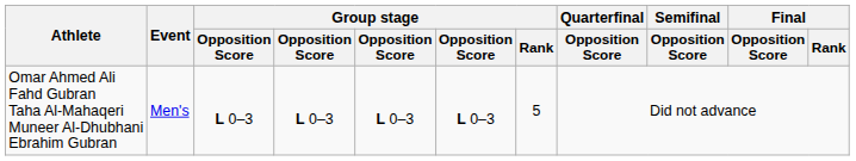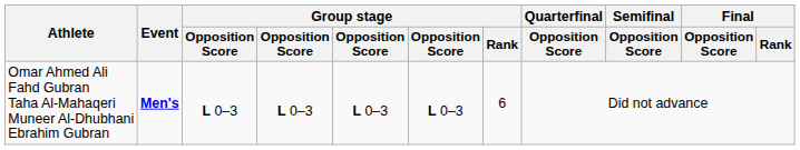 <table class=wikitable style=font-size:90%;text-align:center>
 <tr>
 <th rowspan="2">Athlete</th>
 <th rowspan="2">Event</th>
 <th colspan="5">Group stage</th>
 <th>Quarterfinal</th>
 <th>Semifinal</th>
 <th colspan="2">Final</th>
 </tr>
 <tr style="font-size:95%">
 <th>Opposition<br>Score</th>
 <th>Opposition<br>Score</th>
 <th>Opposition<br>Score</th>
 <th>Opposition<br>Score</th>
 <th>Rank</th>
 <th>Opposition<br>Score</th>
 <th>Opposition<br>Score</th>
 <th>Opposition<br>Score</th>
 <th>Rank</th>
 </tr>
 <tr>
 <td align=left>Omar Ahmed Ali<br>Fahd Gubran<br>Taha Al-Mahaqeri<br>Muneer Al-Dhubhani<br>Ebrahim Gubran</td>
-<td align=left><a href='#'>Men's</a></td>
+<td align=left><strong><a href='#'>Men's</a></strong></td>
 <td><br><strong>L</strong> 0–3</td>
 <td><br><strong>L</strong> 0–3</td>
 <td><br><strong>L</strong> 0–3</td>
 <td><br><strong>L</strong> 0–3</td>
-<td>5</td>
+<td>6</td>
 <td colspan=4>Did not advance</td>
 </tr>
 </table>
